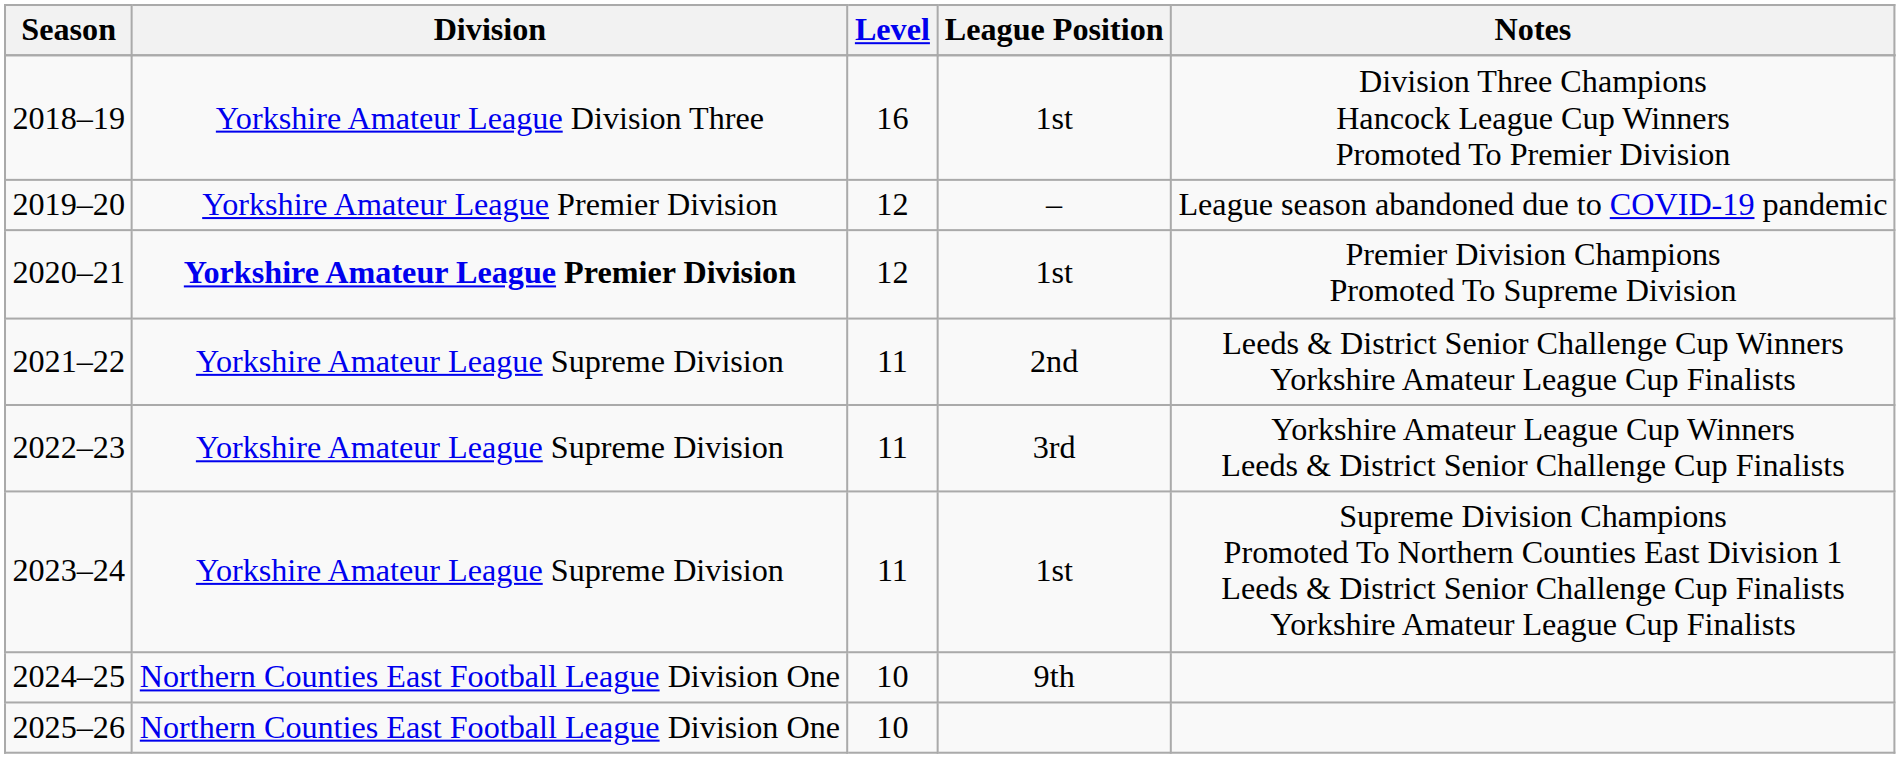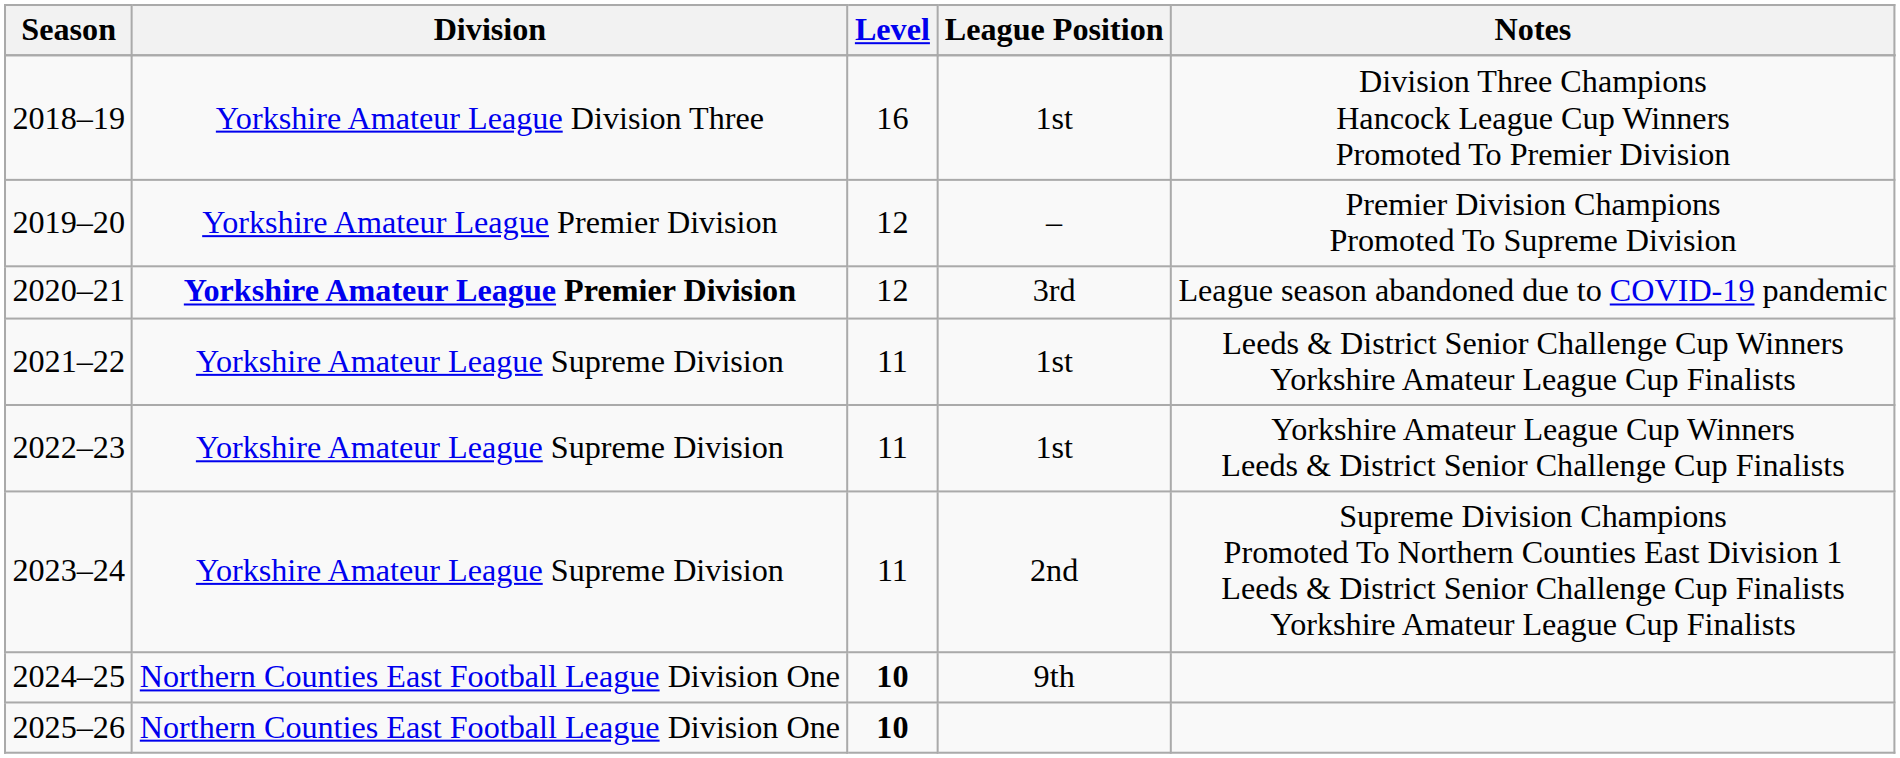 <table class="wikitable collapsible" style=text-align:center>
 <tr>
 <th>Season</th>
 <th>Division</th>
 <th><a href='#'>Level</a></th>
 <th>League Position</th>
 <th>Notes</th>
 </tr>
 <tr bgcolor="#ACE1AF">
 </tr>
 <tr>
 <td>2018–19</td>
 <td><a href='#'>Yorkshire Amateur League</a> Division Three</td>
 <td>16</td>
 <td>1st</td>
 <td>Division Three Champions<br>Hancock League Cup Winners<br>Promoted To Premier Division</td>
 </tr>
 <tr>
 <td>2019–20</td>
 <td><a href='#'>Yorkshire Amateur League</a> Premier Division</td>
 <td>12</td>
 <td>–</td>
-<td>League season abandoned due to <a href='#'>COVID-19</a> pandemic</td>
+<td>Premier Division Champions<br>Promoted To Supreme Division</td>
 </tr>
 <tr>
 <td>2020–21</td>
 <td><strong><a href='#'>Yorkshire Amateur League</a> Premier Division</strong></td>
 <td>12</td>
-<td>1st</td>
-<td>Premier Division Champions<br>Promoted To Supreme Division</td>
+<td>3rd</td>
+<td>League season abandoned due to <a href='#'>COVID-19</a> pandemic</td>
 </tr>
 <tr>
 <td>2021–22</td>
 <td><a href='#'>Yorkshire Amateur League</a> Supreme Division</td>
 <td>11</td>
-<td>2nd</td>
+<td>1st</td>
 <td>Leeds & District Senior Challenge Cup Winners<br>Yorkshire Amateur League Cup Finalists</td>
 </tr>
 <tr>
 <td>2022–23</td>
 <td><a href='#'>Yorkshire Amateur League</a> Supreme Division</td>
 <td>11</td>
-<td>3rd</td>
+<td>1st</td>
 <td>Yorkshire Amateur League Cup Winners<br>Leeds & District Senior Challenge Cup Finalists</td>
 </tr>
 <tr>
 <td>2023–24</td>
 <td><a href='#'>Yorkshire Amateur League</a> Supreme Division</td>
 <td>11</td>
-<td>1st</td>
+<td>2nd</td>
 <td>Supreme Division Champions<br>Promoted To Northern Counties East Division 1<br>Leeds & District Senior Challenge Cup Finalists<br>Yorkshire Amateur League Cup Finalists</td>
 </tr>
 <tr>
 <td>2024–25</td>
 <td><a href='#'>Northern Counties East Football League</a> Division One</td>
-<td>10</td>
+<td><strong>10</strong></td>
 <td>9th</td>
 <td></td>
 </tr>
 <tr>
 <td>2025–26</td>
 <td><a href='#'>Northern Counties East Football League</a> Division One</td>
-<td>10</td>
+<td><strong>10</strong></td>
 <td></td>
 <td></td>
 </tr>
 </table>
